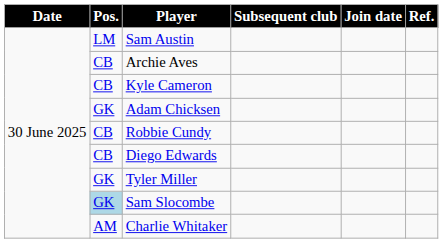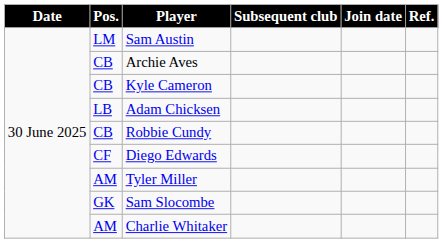 <table class="wikitable plainrowheaders sortable">
 <tr>
 <th style="background:black; color:white; ">Date</th>
 <th style="background:black; color:white; ">Pos.</th>
 <th style="background:black; color:white; ">Player</th>
 <th style="background:black; color:white; ">Subsequent club</th>
 <th style="background:black; color:white; ">Join date</th>
 <th style="background:black; color:white; ">Ref.</th>
 </tr>
 <tr>
 <td rowspan="9">30 June 2025</td>
 <td><a href='#'>LM</a></td>
 <td> <a href='#'>Sam Austin</a></td>
 <td></td>
 <td></td>
 <td></td>
 </tr>
 <tr>
 <td><a href='#'>CB</a></td>
 <td> Archie Aves</td>
 <td></td>
 <td></td>
 <td></td>
 </tr>
 <tr>
 <td><a href='#'>CB</a></td>
 <td> <a href='#'>Kyle Cameron</a></td>
 <td></td>
 <td></td>
 <td></td>
 </tr>
 <tr>
-<td><a href='#'>GK</a></td>
+<td><a href='#'>LB</a></td>
 <td> <a href='#'>Adam Chicksen</a></td>
 <td></td>
 <td></td>
 <td></td>
 </tr>
 <tr>
 <td><a href='#'>CB</a></td>
 <td> <a href='#'>Robbie Cundy</a></td>
 <td></td>
 <td></td>
 <td></td>
 </tr>
 <tr>
-<td><a href='#'>CB</a></td>
+<td><a href='#'>CF</a></td>
 <td> <a href='#'>Diego Edwards</a></td>
 <td></td>
 <td></td>
 <td></td>
 </tr>
 <tr>
-<td><a href='#'>GK</a></td>
+<td><a href='#'>AM</a></td>
 <td> <a href='#'>Tyler Miller</a></td>
 <td></td>
 <td></td>
 <td></td>
 </tr>
 <tr>
-<td style="background: lightblue;"><a href='#'>GK</a></td>
+<td><a href='#'>GK</a></td>
 <td> <a href='#'>Sam Slocombe</a></td>
 <td></td>
 <td></td>
 <td></td>
 </tr>
 <tr>
 <td><a href='#'>AM</a></td>
 <td> <a href='#'>Charlie Whitaker</a></td>
 <td></td>
 <td></td>
 <td></td>
 </tr>
 </table>
